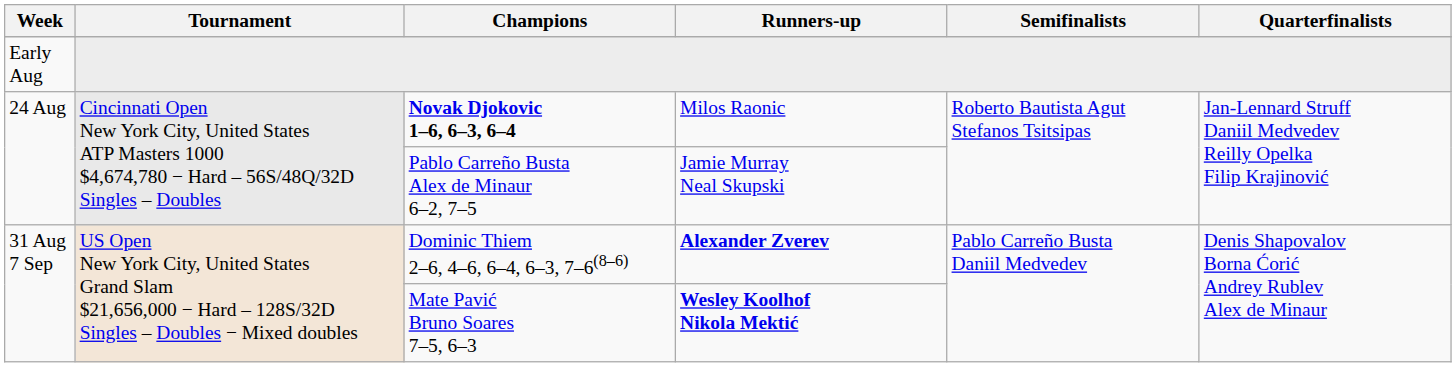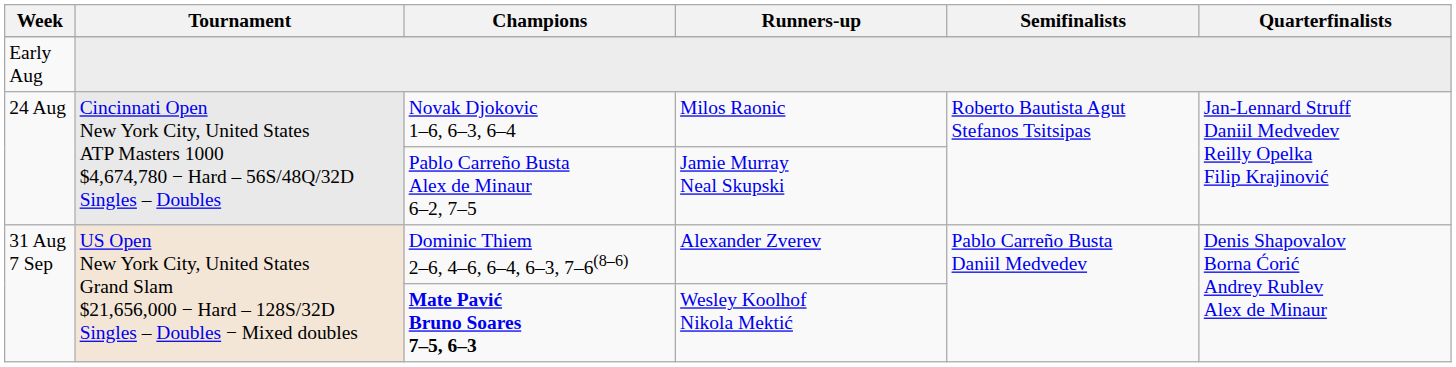 <table class=wikitable style=font-size:95%>
 <tr>
 <th style="width:48px;">Week</th>
 <th style="width:250px;">Tournament</th>
 <th style="width:205px;">Champions</th>
 <th style="width:205px;">Runners-up</th>
 <th style="width:190px;">Semifinalists</th>
 <th style="width:190px;">Quarterfinalists</th>
 </tr>
 <tr valign=top>
 </tr>
 <tr valign=top>
 <td>Early Aug</td>
 <td colspan=5 align=center bgcolor="ededed"><em></em></td>
 </tr>
 <tr valign=top>
 <td rowspan=2>24 Aug</td>
 <td rowspan=2 style="background:#e9e9e9;"><a href='#'>Cincinnati Open</a><br> New York City, United States<br>ATP Masters 1000<br>$4,674,780 − Hard – 56S/48Q/32D<br><a href='#'>Singles</a> – <a href='#'>Doubles</a></td>
-<td><strong> <a href='#'>Novak Djokovic</a><br>1–6, 6–3, 6–4</strong></td>
+<td> <a href='#'>Novak Djokovic</a><br>1–6, 6–3, 6–4</td>
 <td> <a href='#'>Milos Raonic</a></td>
 <td rowspan=2> <a href='#'>Roberto Bautista Agut</a> <br>  <a href='#'>Stefanos Tsitsipas</a></td>
 <td rowspan=2> <a href='#'>Jan-Lennard Struff</a> <br>  <a href='#'>Daniil Medvedev</a> <br>  <a href='#'>Reilly Opelka</a> <br>  <a href='#'>Filip Krajinović</a></td>
 </tr>
 <tr valign=top>
 <td> <a href='#'>Pablo Carreño Busta</a><br>  <a href='#'>Alex de Minaur</a><br>6–2, 7–5</td>
 <td> <a href='#'>Jamie Murray</a><br>  <a href='#'>Neal Skupski</a></td>
 </tr>
 <tr valign=top>
 <td rowspan=2>31 Aug<br>7 Sep</td>
 <td rowspan=2 style="background:#f3e6d7;"><a href='#'>US Open</a><br> New York City, United States<br>Grand Slam<br>$21,656,000 − Hard – 128S/32D<br><a href='#'>Singles</a> – <a href='#'>Doubles</a> − Mixed doubles</td>
 <td>  <a href='#'>Dominic Thiem</a><br>2–6, 4–6, 6–4, 6–3, 7–6<sup>(8–6)</sup></td>
-<td><strong> <a href='#'>Alexander Zverev</a></strong></td>
+<td> <a href='#'>Alexander Zverev</a></td>
 <td rowspan=2> <a href='#'>Pablo Carreño Busta</a> <br> <a href='#'>Daniil Medvedev</a></td>
 <td rowspan=2> <a href='#'>Denis Shapovalov</a><br> <a href='#'>Borna Ćorić</a> <br>  <a href='#'>Andrey Rublev</a> <br> <a href='#'>Alex de Minaur</a></td>
 </tr>
 <tr valign=top>
-<td> <a href='#'>Mate Pavić</a> <br>  <a href='#'>Bruno Soares</a><br>7–5, 6–3</td>
-<td><strong> <a href='#'>Wesley Koolhof</a><br>  <a href='#'>Nikola Mektić</a></strong></td>
+<td><strong> <a href='#'>Mate Pavić</a> <br>  <a href='#'>Bruno Soares</a><br>7–5, 6–3</strong></td>
+<td> <a href='#'>Wesley Koolhof</a><br>  <a href='#'>Nikola Mektić</a></td>
 </tr>
 </table>
